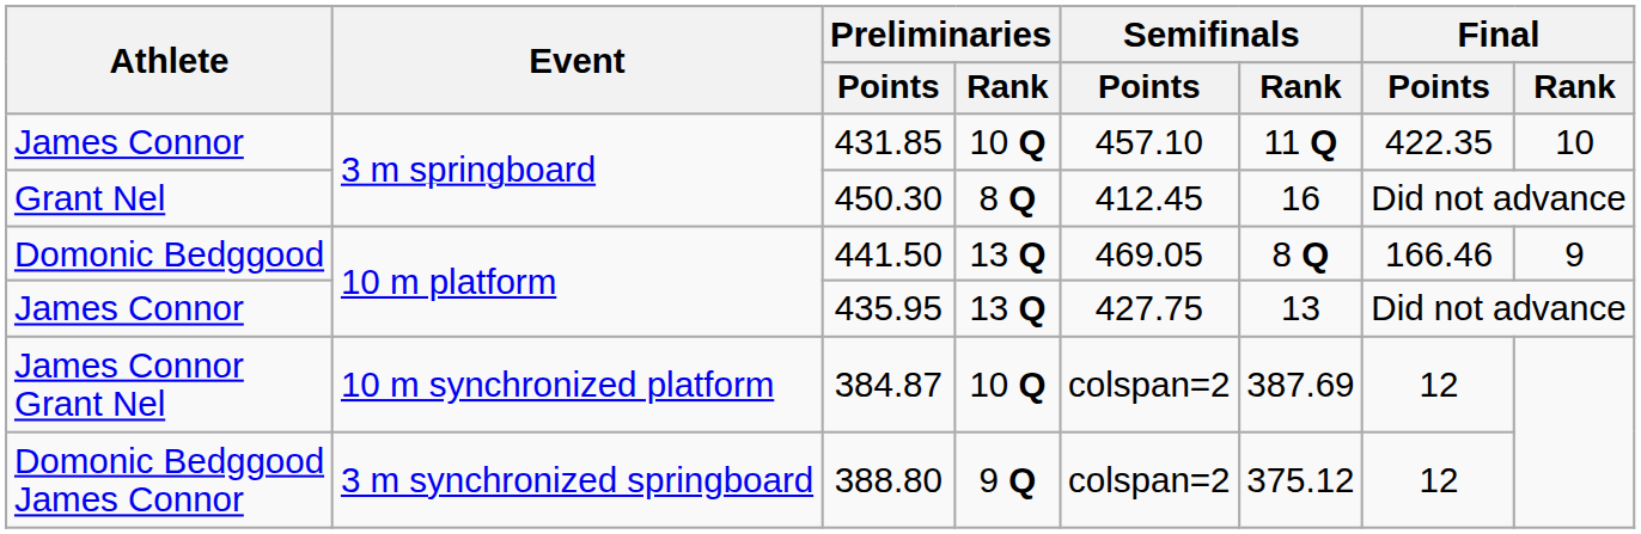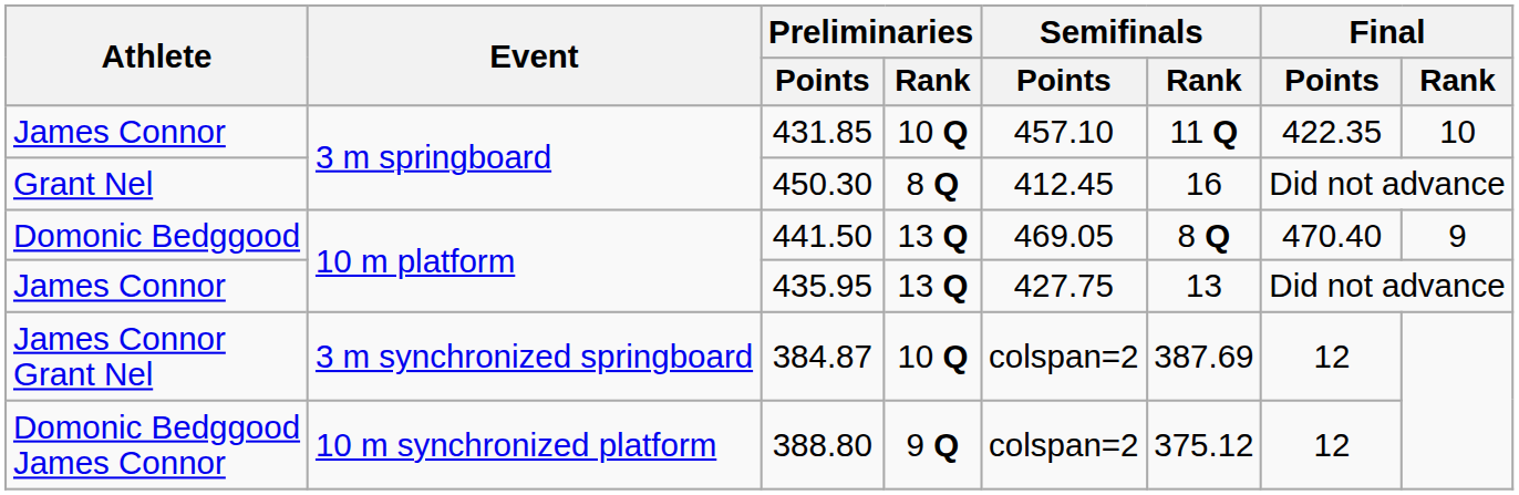 <table class=wikitable style="font-size:90%;">
 <tr>
 <th rowspan="2">Athlete</th>
 <th rowspan="2">Event</th>
 <th colspan="2">Preliminaries</th>
 <th colspan="2">Semifinals</th>
 <th colspan="2">Final</th>
 </tr>
 <tr style="font-size:95%">
 <th>Points</th>
 <th>Rank</th>
 <th>Points</th>
 <th>Rank</th>
 <th>Points</th>
 <th>Rank</th>
 </tr>
 <tr align=center>
 <td align=left><a href='#'>James Connor</a></td>
 <td align=left rowspan=2><a href='#'>3 m springboard</a></td>
 <td>431.85</td>
 <td>10 <strong>Q</strong></td>
 <td>457.10</td>
 <td>11 <strong>Q</strong></td>
 <td>422.35</td>
 <td>10</td>
 </tr>
 <tr align=center>
 <td align=left><a href='#'>Grant Nel</a></td>
 <td>450.30</td>
 <td>8 <strong>Q</strong></td>
 <td>412.45</td>
 <td>16</td>
 <td colspan=2>Did not advance</td>
 </tr>
 <tr align=center>
 <td align=left><a href='#'>Domonic Bedggood</a></td>
 <td align=left rowspan=2><a href='#'>10 m platform</a></td>
 <td>441.50</td>
 <td>13 <strong>Q</strong></td>
 <td>469.05</td>
 <td>8 <strong>Q</strong></td>
-<td>166.46</td>
+<td>470.40</td>
 <td>9</td>
 </tr>
 <tr align=center>
 <td align=left><a href='#'>James Connor</a></td>
 <td>435.95</td>
 <td>13 <strong>Q</strong></td>
 <td>427.75</td>
 <td>13</td>
 <td colspan=2>Did not advance</td>
 </tr>
 <tr align=center>
 <td align=left><a href='#'>James Connor</a><br><a href='#'>Grant Nel</a></td>
-<td align=left><a href='#'>10 m synchronized platform</a></td>
+<td align=left><a href='#'>3 m synchronized springboard</a></td>
 <td>384.87</td>
 <td>10 <strong>Q</strong></td>
 <td>colspan=2 </td>
 <td>387.69</td>
 <td>12</td>
 </tr>
 <tr align=center>
 <td align=left><a href='#'>Domonic Bedggood</a><br><a href='#'>James Connor</a></td>
-<td align=left><a href='#'>3 m synchronized springboard</a></td>
+<td align=left><a href='#'>10 m synchronized platform</a></td>
 <td>388.80</td>
 <td>9 <strong>Q</strong></td>
 <td>colspan=2 </td>
 <td>375.12</td>
 <td>12</td>
 </tr>
 </table>
